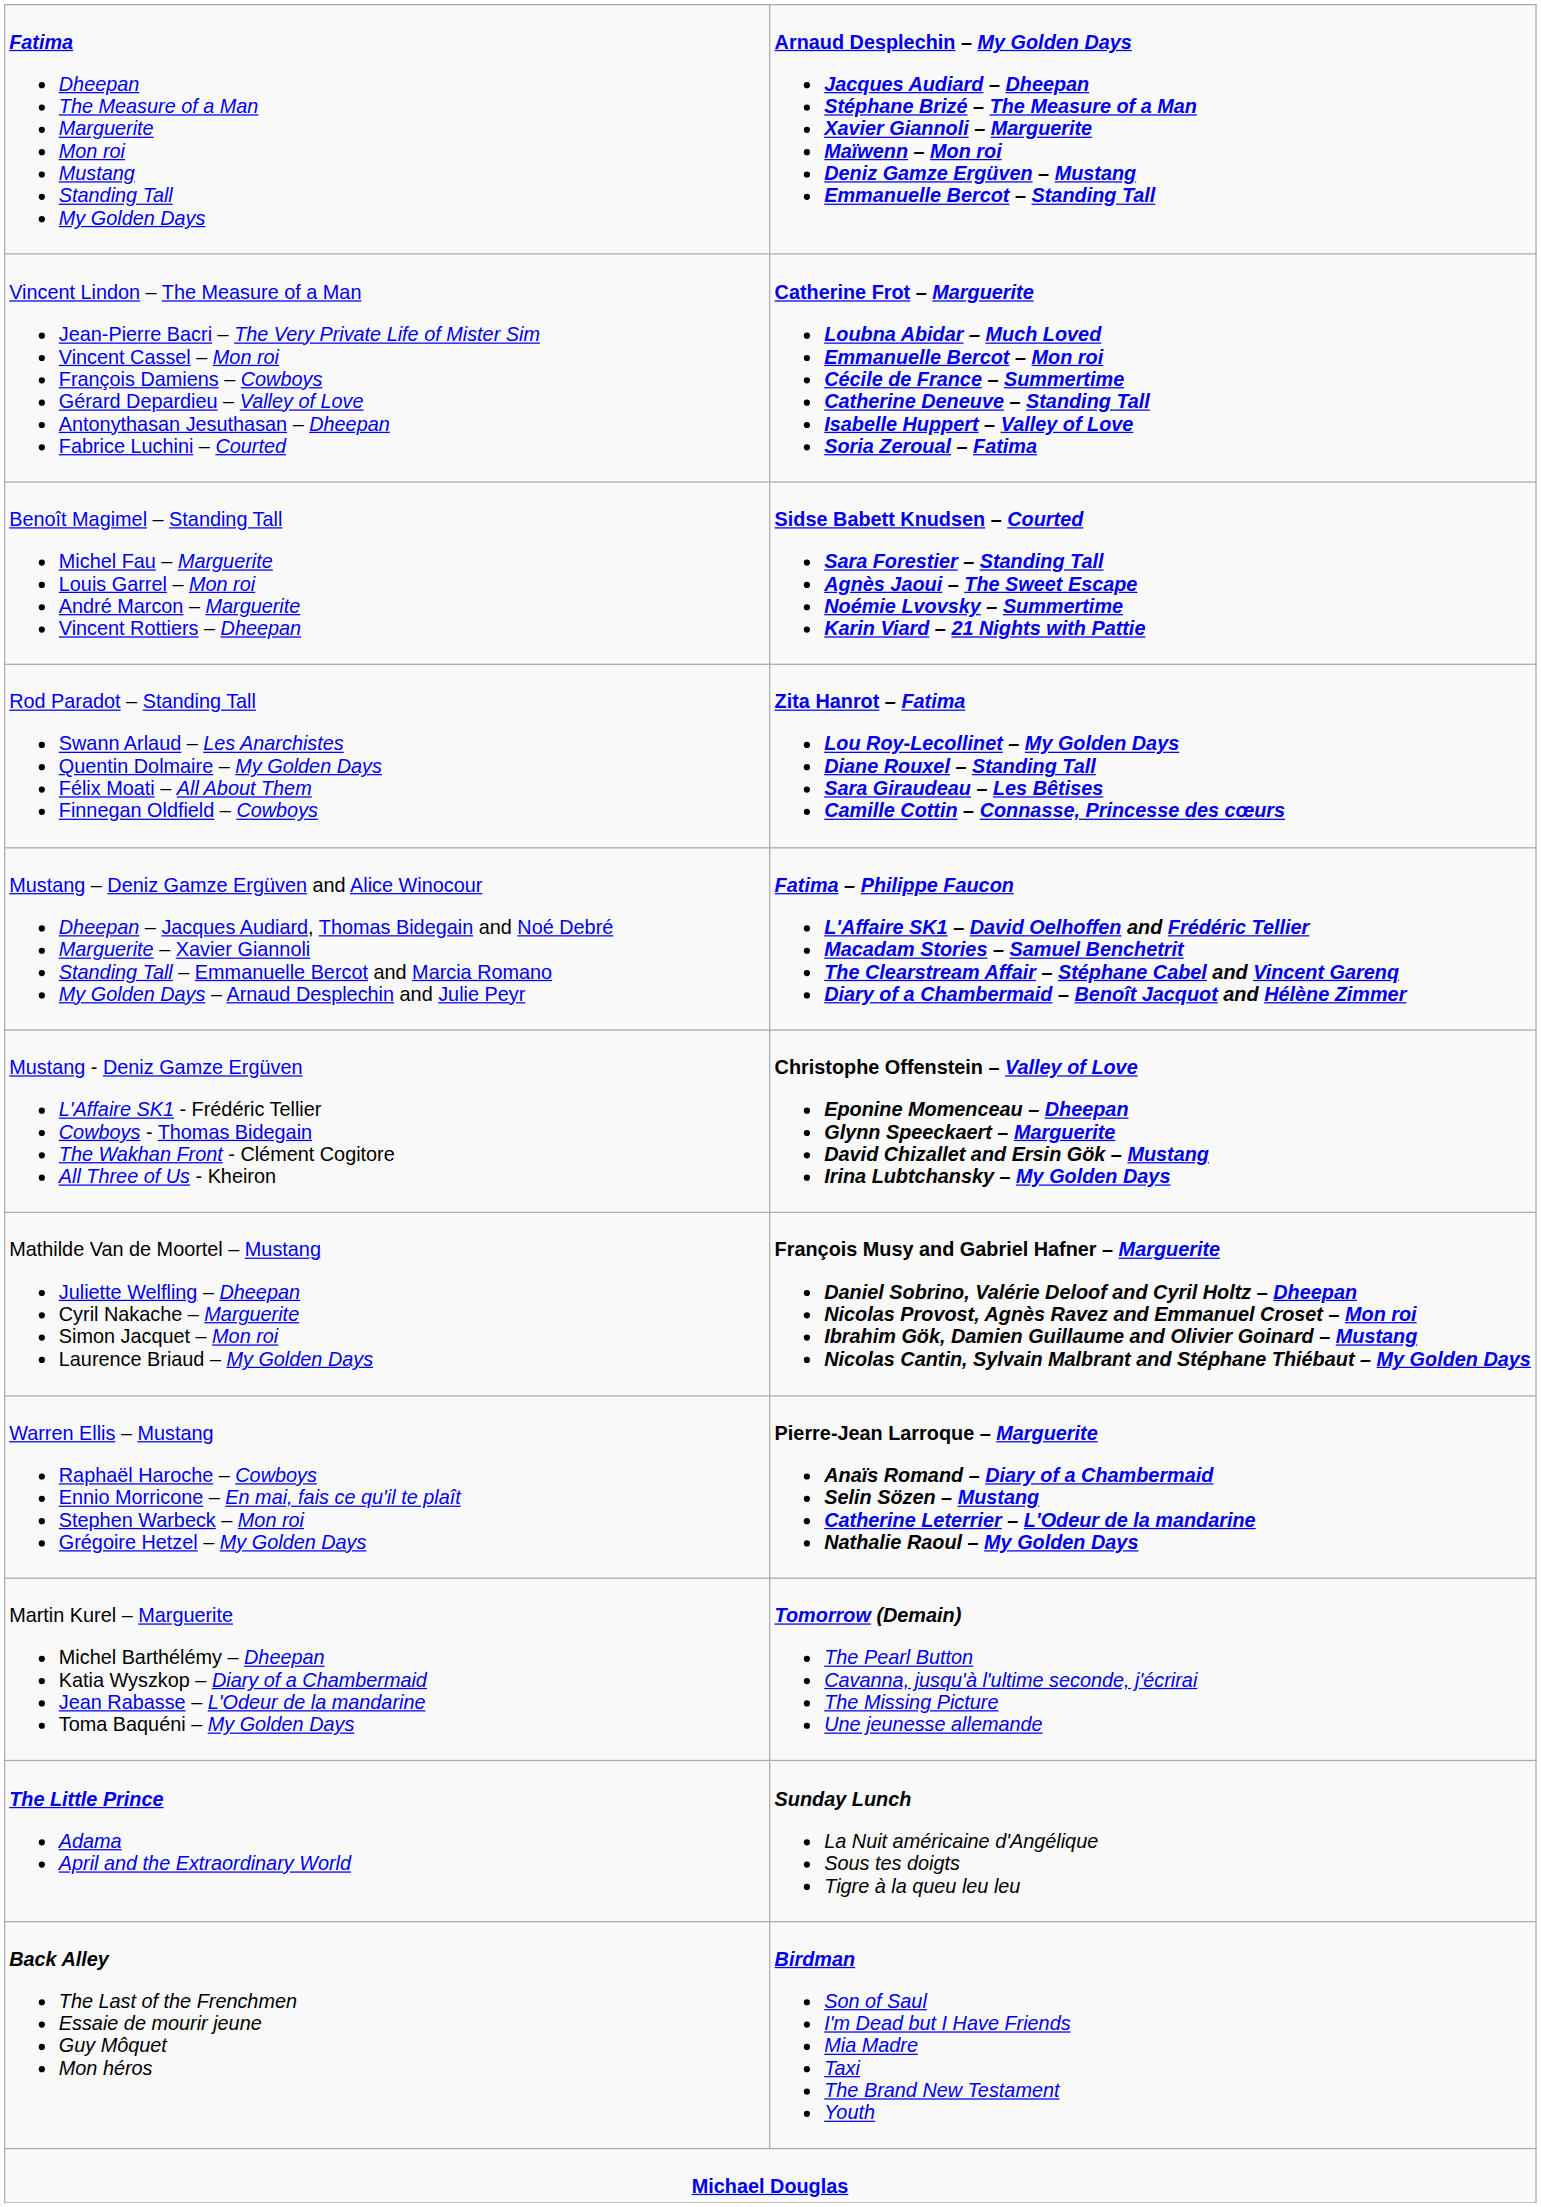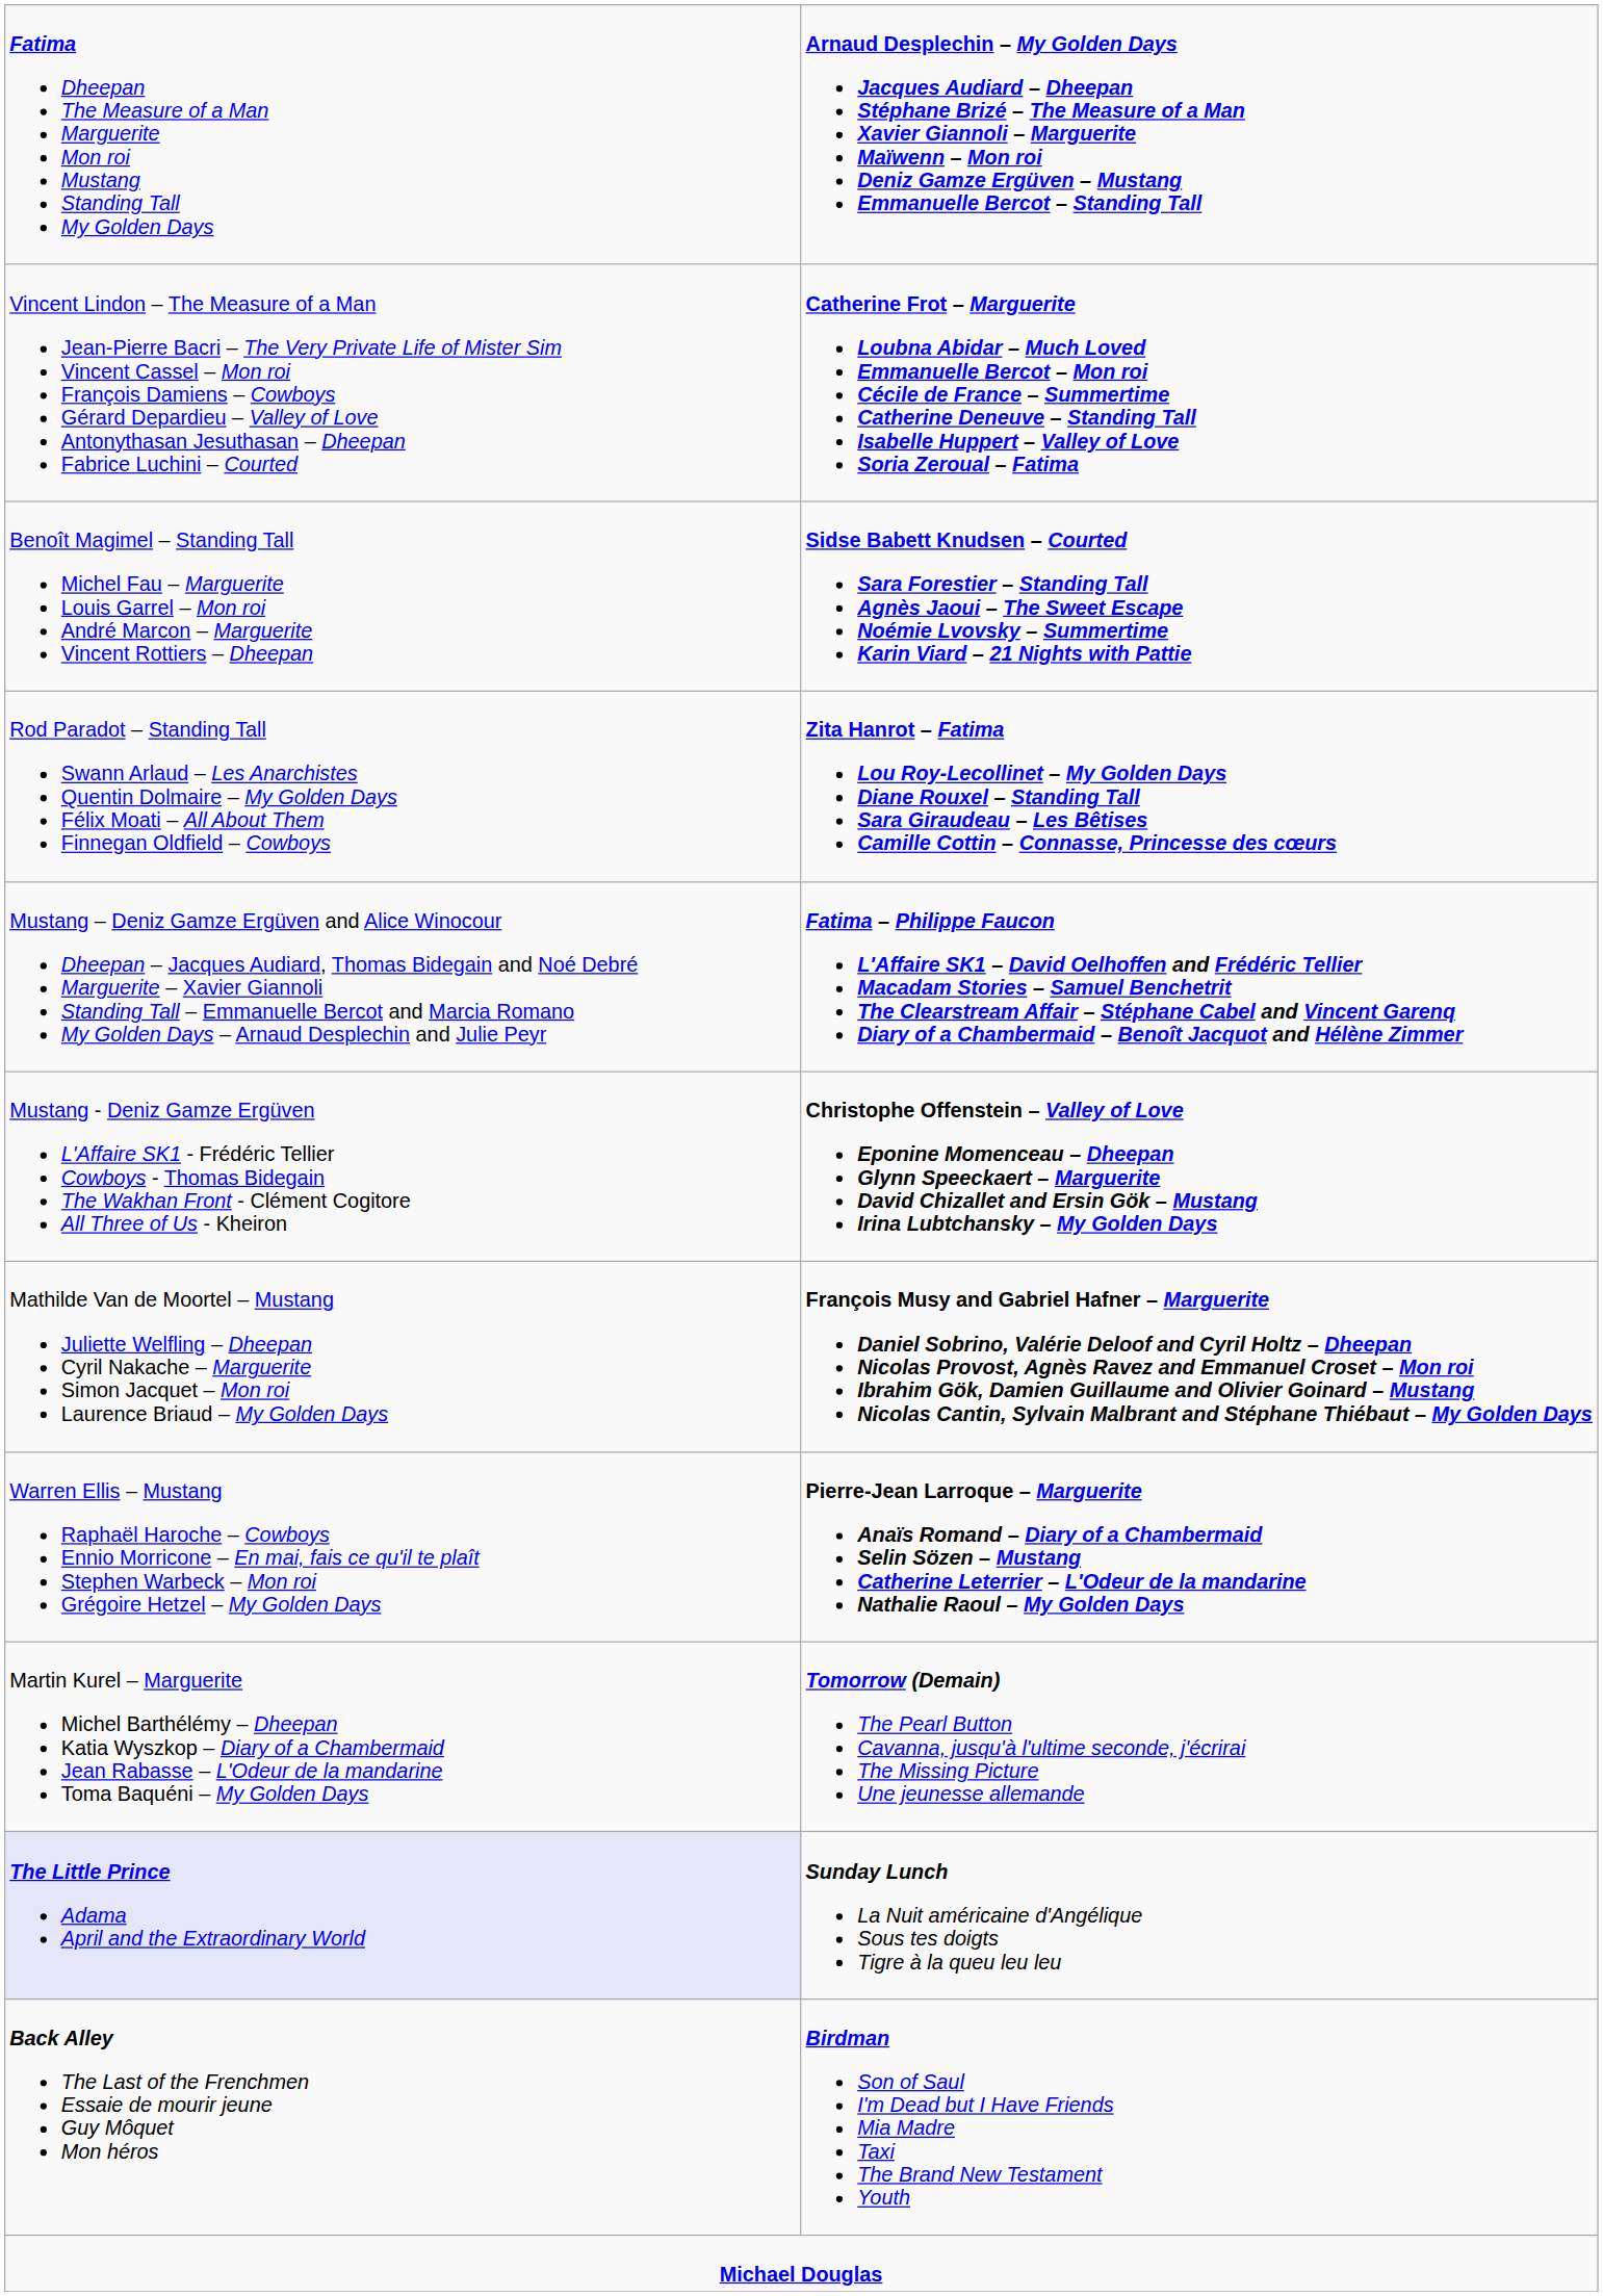 <table class=wikitable style="width=150%">
 <tr>
 <td valign="top" width="50%"><br> <strong><em><a href='#'>Fatima</a></em></strong><ul><li><em><a href='#'>Dheepan</a></em></li><li><em><a href='#'>The Measure of a Man</a></em></li><li><em><a href='#'>Marguerite</a></em></li><li><em><a href='#'>Mon roi</a></em></li><li><em><a href='#'>Mustang</a></em></li><li><em><a href='#'>Standing Tall</a></em></li><li><em><a href='#'>My Golden Days</a></em></li></ul></td>
 <td valign="top" width="50%"><br> <strong><a href='#'>Arnaud Desplechin</a> – <em><a href='#'>My Golden Days</a><strong><em><ul><li><a href='#'>Jacques Audiard</a> – </em><a href='#'>Dheepan</a><em></li><li><a href='#'>Stéphane Brizé</a> – </em><a href='#'>The Measure of a Man</a><em></li><li><a href='#'>Xavier Giannoli</a> – </em><a href='#'>Marguerite</a><em></li><li><a href='#'>Maïwenn</a> – </em><a href='#'>Mon roi</a><em></li><li><a href='#'>Deniz Gamze Ergüven</a> – </em><a href='#'>Mustang</a><em></li><li><a href='#'>Emmanuelle Bercot</a> – </em><a href='#'>Standing Tall</a><em></li></ul></td>
 </tr>
 <tr>
 <td valign="top" width="50%"><br> </strong><a href='#'>Vincent Lindon</a> – </em><a href='#'>The Measure of a Man</a></em></strong><ul><li><a href='#'>Jean-Pierre Bacri</a> – <em><a href='#'>The Very Private Life of Mister Sim</a></em></li><li><a href='#'>Vincent Cassel</a> – <em><a href='#'>Mon roi</a></em></li><li><a href='#'>François Damiens</a> – <em><a href='#'>Cowboys</a></em></li><li><a href='#'>Gérard Depardieu</a> – <em><a href='#'>Valley of Love</a></em></li><li><a href='#'>Antonythasan Jesuthasan</a> – <em><a href='#'>Dheepan</a></em></li><li><a href='#'>Fabrice Luchini</a> – <em><a href='#'>Courted</a></em></li></ul></td>
 <td valign="top" width="50%"><br> <strong><a href='#'>Catherine Frot</a> – <em><a href='#'>Marguerite</a><strong><em><ul><li><a href='#'>Loubna Abidar</a> – </em><a href='#'>Much Loved</a><em></li><li><a href='#'>Emmanuelle Bercot</a> – </em><a href='#'>Mon roi</a><em></li><li><a href='#'>Cécile de France</a> – </em><a href='#'>Summertime</a><em></li><li><a href='#'>Catherine Deneuve</a> – </em><a href='#'>Standing Tall</a><em></li><li><a href='#'>Isabelle Huppert</a> – </em><a href='#'>Valley of Love</a><em></li><li><a href='#'>Soria Zeroual</a> – </em><a href='#'>Fatima</a><em></li></ul></td>
 </tr>
 <tr>
 <td valign="top" width="50%"><br> </strong><a href='#'>Benoît Magimel</a> – </em><a href='#'>Standing Tall</a></em></strong><ul><li><a href='#'>Michel Fau</a> – <em><a href='#'>Marguerite</a></em></li><li><a href='#'>Louis Garrel</a> – <em><a href='#'>Mon roi</a></em></li><li><a href='#'>André Marcon</a> – <em><a href='#'>Marguerite</a></em></li><li><a href='#'>Vincent Rottiers</a> – <em><a href='#'>Dheepan</a></em></li></ul></td>
 <td valign="top" width="50%"><br> <strong><a href='#'>Sidse Babett Knudsen</a> – <em><a href='#'>Courted</a><strong><em><ul><li><a href='#'>Sara Forestier</a> – </em><a href='#'>Standing Tall</a><em></li><li><a href='#'>Agnès Jaoui</a> – </em><a href='#'>The Sweet Escape</a><em></li><li><a href='#'>Noémie Lvovsky</a> – </em><a href='#'>Summertime</a><em></li><li><a href='#'>Karin Viard</a> – </em><a href='#'>21 Nights with Pattie</a><em></li></ul></td>
 </tr>
 <tr>
 <td valign="top" width="50%"><br> </strong><a href='#'>Rod Paradot</a> – </em><a href='#'>Standing Tall</a></em></strong><ul><li><a href='#'>Swann Arlaud</a> – <em><a href='#'>Les Anarchistes</a></em></li><li><a href='#'>Quentin Dolmaire</a> – <em><a href='#'>My Golden Days</a></em></li><li><a href='#'>Félix Moati</a> – <em><a href='#'>All About Them</a></em></li><li><a href='#'>Finnegan Oldfield</a> – <em><a href='#'>Cowboys</a></em></li></ul></td>
 <td valign="top" width="50%"><br> <strong><a href='#'>Zita Hanrot</a> – <em><a href='#'>Fatima</a><strong><em><ul><li><a href='#'>Lou Roy-Lecollinet</a> – </em><a href='#'>My Golden Days</a><em></li><li><a href='#'>Diane Rouxel</a> – </em><a href='#'>Standing Tall</a><em></li><li><a href='#'>Sara Giraudeau</a> – </em><a href='#'>Les Bêtises</a><em></li><li><a href='#'>Camille Cottin</a> – </em><a href='#'>Connasse, Princesse des cœurs</a><em></li></ul></td>
 </tr>
 <tr>
 <td valign="top" width="50%"><br> </em></strong><a href='#'>Mustang</a></em> – <a href='#'>Deniz Gamze Ergüven</a> and <a href='#'>Alice Winocour</a></strong><ul><li><em><a href='#'>Dheepan</a></em> – <a href='#'>Jacques Audiard</a>, <a href='#'>Thomas Bidegain</a> and <a href='#'>Noé Debré</a></li><li><em><a href='#'>Marguerite</a></em> – <a href='#'>Xavier Giannoli</a></li><li><em><a href='#'>Standing Tall</a></em> – <a href='#'>Emmanuelle Bercot</a> and <a href='#'>Marcia Romano</a></li><li><em><a href='#'>My Golden Days</a></em> – <a href='#'>Arnaud Desplechin</a> and <a href='#'>Julie Peyr</a></li></ul></td>
 <td valign="top" width="50%"><br> <strong><em><a href='#'>Fatima</a><em> – <a href='#'>Philippe Faucon</a><strong><ul><li></em><a href='#'>L'Affaire SK1</a><em> – <a href='#'>David Oelhoffen</a> and <a href='#'>Frédéric Tellier</a></li><li></em><a href='#'>Macadam Stories</a><em> – <a href='#'>Samuel Benchetrit</a></li><li></em><a href='#'>The Clearstream Affair</a><em> – <a href='#'>Stéphane Cabel</a> and <a href='#'>Vincent Garenq</a></li><li></em><a href='#'>Diary of a Chambermaid</a><em> – <a href='#'>Benoît Jacquot</a> and <a href='#'>Hélène Zimmer</a></li></ul></td>
 </tr>
 <tr>
 <td valign="top" width="50%"><br> </em></strong><a href='#'>Mustang</a></em> - <a href='#'>Deniz Gamze Ergüven</a></strong><ul><li><em><a href='#'>L'Affaire SK1</a></em> - Frédéric Tellier</li><li><em><a href='#'>Cowboys</a></em> - <a href='#'>Thomas Bidegain</a></li><li><em><a href='#'>The Wakhan Front</a></em> - Clément Cogitore</li><li><em><a href='#'>All Three of Us</a></em> - Kheiron</li></ul></td>
 <td valign="top" width="50%"><br> <strong>Christophe Offenstein – <em><a href='#'>Valley of Love</a><strong><em><ul><li>Eponine Momenceau – </em><a href='#'>Dheepan</a><em></li><li>Glynn Speeckaert – </em><a href='#'>Marguerite</a><em></li><li>David Chizallet and Ersin Gök – </em><a href='#'>Mustang</a><em></li><li>Irina Lubtchansky – </em><a href='#'>My Golden Days</a><em></li></ul></td>
 </tr>
 <tr>
 <td valign="top" width="50%"><br> </strong>Mathilde Van de Moortel – </em><a href='#'>Mustang</a></em></strong><ul><li><a href='#'>Juliette Welfling</a> – <em><a href='#'>Dheepan</a></em></li><li>Cyril Nakache – <em><a href='#'>Marguerite</a></em></li><li>Simon Jacquet – <em><a href='#'>Mon roi</a></em></li><li>Laurence Briaud – <em><a href='#'>My Golden Days</a></em></li></ul></td>
 <td valign="top" width="50%"><br> <strong>François Musy and Gabriel Hafner – <em><a href='#'>Marguerite</a><strong><em><ul><li>Daniel Sobrino, Valérie Deloof and Cyril Holtz – </em><a href='#'>Dheepan</a><em></li><li>Nicolas Provost, Agnès Ravez and Emmanuel Croset – </em><a href='#'>Mon roi</a><em></li><li>Ibrahim Gök, Damien Guillaume and Olivier Goinard – </em><a href='#'>Mustang</a><em></li><li>Nicolas Cantin, Sylvain Malbrant and Stéphane Thiébaut – </em><a href='#'>My Golden Days</a><em></li></ul></td>
 </tr>
 <tr>
 <td valign="top" width="50%"><br> </strong><a href='#'>Warren Ellis</a> – </em><a href='#'>Mustang</a></em></strong><ul><li><a href='#'>Raphaël Haroche</a> – <em><a href='#'>Cowboys</a></em></li><li><a href='#'>Ennio Morricone</a> – <em><a href='#'>En mai, fais ce qu'il te plaît</a></em></li><li><a href='#'>Stephen Warbeck</a> – <em><a href='#'>Mon roi</a></em></li><li><a href='#'>Grégoire Hetzel</a> – <em><a href='#'>My Golden Days</a></em></li></ul></td>
 <td valign="top" width="50%"><br> <strong>Pierre-Jean Larroque – <em><a href='#'>Marguerite</a><strong><em><ul><li>Anaïs Romand – </em><a href='#'>Diary of a Chambermaid</a><em></li><li>Selin Sözen – </em><a href='#'>Mustang</a><em></li><li><a href='#'>Catherine Leterrier</a> – </em><a href='#'>L'Odeur de la mandarine</a><em></li><li>Nathalie Raoul – </em><a href='#'>My Golden Days</a><em></li></ul></td>
 </tr>
 <tr>
 <td valign="top" width="50%"><br> </strong>Martin Kurel – </em><a href='#'>Marguerite</a></em></strong><ul><li>Michel Barthélémy – <em><a href='#'>Dheepan</a></em></li><li>Katia Wyszkop – <em><a href='#'>Diary of a Chambermaid</a></em></li><li><a href='#'>Jean Rabasse</a> – <em><a href='#'>L'Odeur de la mandarine</a></em></li><li>Toma Baquéni – <em><a href='#'>My Golden Days</a></em></li></ul></td>
 <td valign="top" width="50%"><br> <strong><em><a href='#'>Tomorrow</a> (Demain)</em></strong><ul><li><em><a href='#'>The Pearl Button</a></em></li><li><em><a href='#'>Cavanna, jusqu'à l'ultime seconde, j'écrirai</a></em></li><li><em><a href='#'>The Missing Picture</a></em></li><li><em><a href='#'>Une jeunesse allemande</a></em></li></ul></td>
 </tr>
 <tr>
-<td valign="top" width="50%"><br> <strong><em><a href='#'>The Little Prince</a></em></strong><ul><li><em><a href='#'>Adama</a></em></li><li><em><a href='#'>April and the Extraordinary World</a></em></li></ul></td>
+<td valign="top" width="50%" style="background: lavender;"><br> <strong><em><a href='#'>The Little Prince</a></em></strong><ul><li><em><a href='#'>Adama</a></em></li><li><em><a href='#'>April and the Extraordinary World</a></em></li></ul></td>
 <td valign="top" width="50%"><br>  <strong><em>Sunday Lunch</em></strong><ul><li><em>La Nuit américaine d'Angélique</em></li><li><em>Sous tes doigts</em></li><li><em>Tigre à la queu leu leu</em></li></ul></td>
 </tr>
 <tr>
 <td valign="top" width="50%"><br> <strong><em>Back Alley</em></strong><ul><li><em>The Last of the Frenchmen</em></li><li><em>Essaie de mourir jeune</em></li><li><em>Guy Môquet</em></li><li><em>Mon héros</em></li></ul></td>
 <td colspan="2" valign="top" width="50%"><br> <strong><em><a href='#'>Birdman</a></em></strong><ul><li><em><a href='#'>Son of Saul</a></em></li><li><em><a href='#'>I'm Dead but I Have Friends</a></em></li><li><em><a href='#'>Mia Madre</a></em></li><li><em><a href='#'>Taxi</a></em></li><li><em><a href='#'>The Brand New Testament</a></em></li><li><em><a href='#'>Youth</a></em></li></ul></td>
 </tr>
 <tr>
 <td align="center" colspan="2" valign="top" width="50%"><br> <strong><a href='#'>Michael Douglas</a></strong></td>
 </tr>
 <tr>
 </tr>
 </table>
